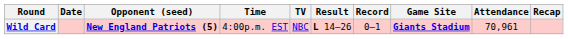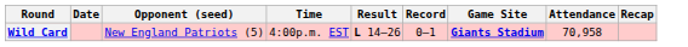 <table class="wikitable" style="text-align:center">
 <tr>
 <th>Round</th>
 <th>Date</th>
 <th>Opponent (seed)</th>
 <th>Time</th>
-<th>TV</th>
 <th>Result</th>
 <th>Record</th>
 <th>Game Site</th>
 <th>Attendance</th>
 <th>Recap</th>
 </tr>
 <tr style="background:#fcc">
 <th><a href='#'>Wild Card</a></th>
 <td></td>
-<td><strong><a href='#'>New England Patriots</a> (5)</strong></td>
+<td><a href='#'>New England Patriots</a> (5)</td>
 <td>4:00p.m. <a href='#'>EST</a></td>
-<td><a href='#'>NBC</a></td>
 <td><strong>L</strong> 14–26</td>
 <td>0–1</td>
 <td><strong><a href='#'>Giants Stadium</a></strong></td>
-<td>70,961</td>
+<td>70,958</td>
 <td></td>
 </tr>
 </table>
